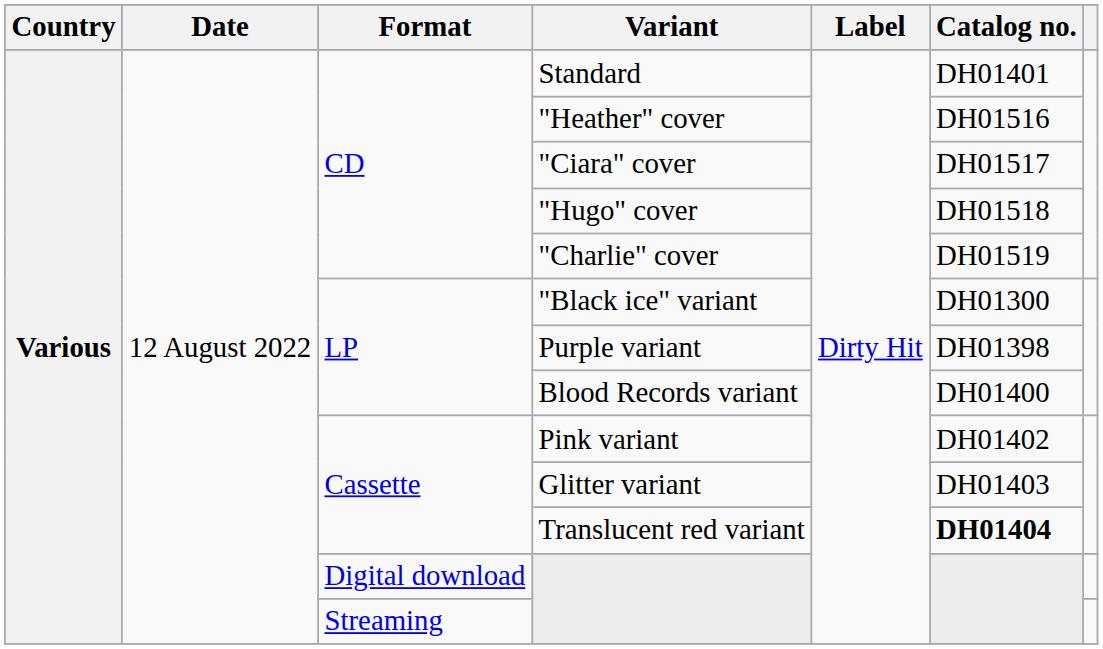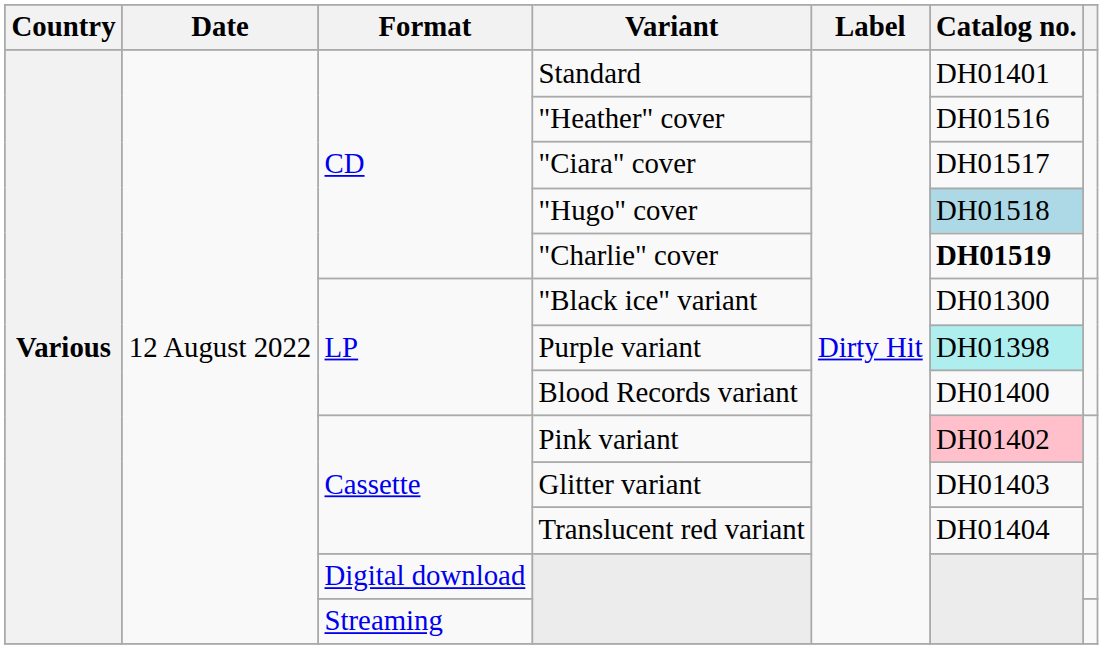 <table class="wikitable plainrowheaders">
 <tr>
 <th>Country</th>
 <th>Date</th>
 <th>Format</th>
 <th>Variant</th>
 <th>Label</th>
 <th>Catalog no.</th>
 <th></th>
 </tr>
 <tr>
 <th scope="row" rowspan="13">Various</th>
 <td rowspan="13">12 August 2022</td>
 <td rowspan="5"><a href='#'>CD</a></td>
 <td>Standard</td>
 <td rowspan="13"><a href='#'>Dirty Hit</a></td>
 <td>DH01401</td>
 <td rowspan="5"></td>
 </tr>
 <tr>
 <td>"Heather" cover</td>
 <td>DH01516</td>
 </tr>
 <tr>
 <td>"Ciara" cover</td>
 <td>DH01517</td>
 </tr>
 <tr>
 <td>"Hugo" cover</td>
-<td>DH01518</td>
+<td style="background: lightblue;">DH01518</td>
 </tr>
 <tr>
 <td>"Charlie" cover</td>
-<td>DH01519</td>
+<td><strong>DH01519</strong></td>
 </tr>
 <tr>
 <td rowspan="3"><a href='#'>LP</a></td>
 <td>"Black ice" variant</td>
 <td>DH01300</td>
 <td rowspan="3"></td>
 </tr>
 <tr>
 <td>Purple variant</td>
-<td>DH01398</td>
+<td style="background: paleturquoise;">DH01398</td>
 </tr>
 <tr>
 <td>Blood Records variant</td>
 <td>DH01400</td>
 </tr>
 <tr>
 <td rowspan="3"><a href='#'>Cassette</a></td>
 <td>Pink variant</td>
-<td>DH01402</td>
+<td style="background: pink;">DH01402</td>
 <td rowspan="3"></td>
 </tr>
 <tr>
 <td>Glitter variant</td>
 <td>DH01403</td>
 </tr>
 <tr>
 <td>Translucent red variant</td>
-<td><strong>DH01404</strong></td>
+<td>DH01404</td>
 </tr>
 <tr>
 <td><a href='#'>Digital download</a></td>
 <td rowspan="2" style="background: #ececec"></td>
 <td rowspan="2" style="background: #ececec"></td>
 <td></td>
 </tr>
 <tr>
 <td {{hlist><a href='#'>Streaming</a></td>
 <td></td>
 </tr>
 </table>
